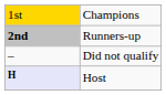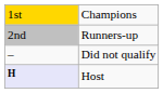 <table class="wikitable" style="font-size:90%;">
 <tr>
 <td style="background-color:gold" width="80px">1st</td>
 <td colspan="6">Champions</td>
 </tr>
 <tr>
-<td style="background-color:silver" width="80px"><strong>2nd</strong></td>
+<td style="background-color:silver" width="80px">2nd</td>
 <td colspan="6">Runners-up</td>
 </tr>
 <tr>
 <td width="80px">–</td>
 <td colspan="6">Did not qualify</td>
 </tr>
 <tr>
 <td width="80px" style="background: lavender;"><sup><strong>H</strong></sup></td>
 <td colspan="6">Host</td>
 </tr>
 </table>
